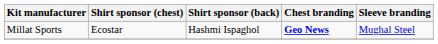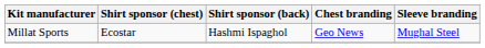 <table class="wikitable"  style="font-size:85%;">
 <tr>
 <th>Kit manufacturer</th>
 <th>Shirt sponsor (chest)</th>
 <th>Shirt sponsor (back)</th>
 <th>Chest branding</th>
 <th>Sleeve branding</th>
 </tr>
 <tr>
 <td>Millat Sports</td>
 <td>Ecostar</td>
 <td>Hashmi Ispaghol</td>
-<td><strong><a href='#'>Geo News</a></strong></td>
+<td><a href='#'>Geo News</a></td>
 <td><a href='#'>Mughal Steel</a></td>
 </tr>
 <tr>
 </tr>
 </table>
